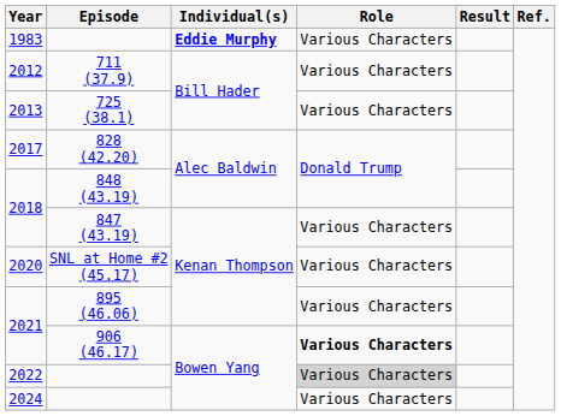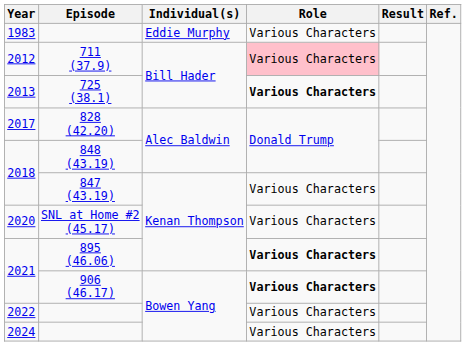 <table class="wikitable">
 <tr>
 <th>Year</th>
 <th>Episode</th>
 <th>Individual(s)</th>
 <th>Role</th>
 <th>Result</th>
 <th>Ref.</th>
 </tr>
 <tr>
 <td><a href='#'>1983</a></td>
 <td align="center"></td>
-<td><strong><a href='#'>Eddie Murphy</a></strong></td>
+<td><a href='#'>Eddie Murphy</a></td>
 <td>Various Characters</td>
 <td></td>
 <td rowspan="11" align="center"></td>
 </tr>
 <tr>
 <td><a href='#'>2012</a></td>
 <td align="center"><a href='#'>711 <br> (37.9)</a></td>
 <td rowspan="2"><a href='#'>Bill Hader</a></td>
-<td>Various Characters</td>
+<td style="background: pink;">Various Characters</td>
 <td></td>
 </tr>
 <tr>
 <td><a href='#'>2013</a></td>
 <td align="center"><a href='#'>725 <br> (38.1)</a></td>
-<td>Various Characters</td>
+<td><strong>Various Characters</strong></td>
 <td></td>
 </tr>
 <tr>
 <td><a href='#'>2017</a></td>
 <td align="center"><a href='#'>828 <br> (42.20)</a></td>
 <td rowspan="2"><a href='#'>Alec Baldwin</a></td>
 <td rowspan="2"><a href='#'>Donald Trump</a></td>
 <td></td>
 </tr>
 <tr>
 <td rowspan=2><a href='#'>2018</a></td>
 <td align="center"><a href='#'>848 <br> (43.19)</a></td>
 <td></td>
 </tr>
 <tr>
 <td align="center"><a href='#'>847 <br> (43.19)</a></td>
 <td rowspan="3"><a href='#'>Kenan Thompson</a></td>
 <td>Various Characters</td>
 <td></td>
 </tr>
 <tr>
 <td><a href='#'>2020</a></td>
 <td align="center"><a href='#'>SNL at Home #2 <br> (45.17)</a></td>
 <td>Various Characters</td>
 <td></td>
 </tr>
 <tr>
 <td rowspan="2"><a href='#'>2021</a></td>
 <td align="center"><a href='#'>895 <br> (46.06)</a></td>
-<td>Various Characters</td>
+<td><strong>Various Characters</strong></td>
 <td></td>
 </tr>
 <tr>
 <td align="center"><a href='#'>906 <br> (46.17)</a></td>
 <td rowspan="3"><a href='#'>Bowen Yang</a></td>
 <td><strong>Various Characters</strong></td>
 <td></td>
 </tr>
 <tr>
 <td><a href='#'>2022</a></td>
 <td></td>
-<td style="background: lightgrey;">Various Characters</td>
+<td>Various Characters</td>
 <td></td>
 </tr>
 <tr>
 <td><a href='#'>2024</a></td>
 <td></td>
 <td>Various Characters</td>
 <td></td>
 </tr>
 </table>
